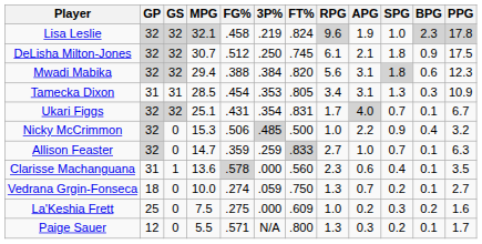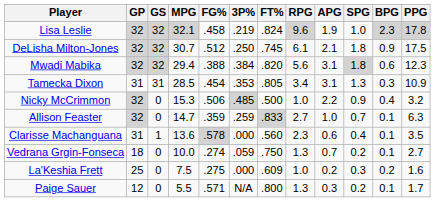 <table class="wikitable sortable" style="text-align:center;">
 <tr>
 <th>Player</th>
 <th>GP</th>
 <th>GS</th>
 <th>MPG</th>
 <th>FG%</th>
 <th>3P%</th>
 <th>FT%</th>
 <th>RPG</th>
 <th>APG</th>
 <th>SPG</th>
 <th>BPG</th>
 <th>PPG</th>
 </tr>
 <tr>
 <td><a href='#'>Lisa Leslie</a></td>
 <td style="background:#D3D3D3;">32</td>
 <td style="background:#D3D3D3;">32</td>
 <td style="background:#D3D3D3;">32.1</td>
 <td>.458</td>
 <td>.219</td>
 <td>.824</td>
 <td style="background:#D3D3D3;">9.6</td>
 <td>1.9</td>
 <td>1.0</td>
 <td style="background:#D3D3D3;">2.3</td>
 <td style="background:#D3D3D3;">17.8</td>
 </tr>
 <tr>
 <td><a href='#'>DeLisha Milton-Jones</a></td>
 <td style="background:#D3D3D3;">32</td>
 <td style="background:#D3D3D3;">32</td>
 <td>30.7</td>
 <td>.512</td>
 <td>.250</td>
 <td>.745</td>
 <td>6.1</td>
 <td>2.1</td>
 <td>1.8</td>
 <td>0.9</td>
 <td>17.5</td>
 </tr>
 <tr>
 <td><a href='#'>Mwadi Mabika</a></td>
 <td style="background:#D3D3D3;">32</td>
 <td style="background:#D3D3D3;">32</td>
 <td>29.4</td>
 <td>.388</td>
 <td>.384</td>
 <td>.820</td>
 <td>5.6</td>
 <td>3.1</td>
 <td style="background:#D3D3D3;">1.8</td>
 <td>0.6</td>
 <td>12.3</td>
 </tr>
 <tr>
 <td><a href='#'>Tamecka Dixon</a></td>
 <td>31</td>
 <td>31</td>
 <td>28.5</td>
 <td>.454</td>
 <td>.353</td>
 <td>.805</td>
 <td>3.4</td>
 <td>3.1</td>
 <td>1.3</td>
 <td>0.3</td>
 <td>10.9</td>
-</tr>
-<tr>
-<td><a href='#'>Ukari Figgs</a></td>
-<td style="background:#D3D3D3;">32</td>
-<td style="background:#D3D3D3;">32</td>
-<td>25.1</td>
-<td>.431</td>
-<td>.354</td>
-<td>.831</td>
-<td>1.7</td>
-<td style="background:#D3D3D3;">4.0</td>
-<td>0.7</td>
-<td>0.1</td>
-<td>6.7</td>
 </tr>
 <tr>
 <td><a href='#'>Nicky McCrimmon</a></td>
 <td style="background:#D3D3D3;">32</td>
 <td>0</td>
 <td>15.3</td>
 <td>.506</td>
 <td style="background:#D3D3D3;">.485</td>
 <td>.500</td>
 <td>1.0</td>
 <td>2.2</td>
 <td>0.9</td>
 <td>0.4</td>
 <td>3.2</td>
 </tr>
 <tr>
 <td><a href='#'>Allison Feaster</a></td>
 <td style="background:#D3D3D3;">32</td>
 <td>0</td>
 <td>14.7</td>
 <td>.359</td>
 <td>.259</td>
 <td style="background:#D3D3D3;">.833</td>
 <td>2.7</td>
 <td>1.0</td>
 <td>0.7</td>
 <td>0.1</td>
 <td>6.3</td>
 </tr>
 <tr>
 <td><a href='#'>Clarisse Machanguana</a></td>
 <td>31</td>
 <td>1</td>
 <td>13.6</td>
 <td style="background:#D3D3D3;">.578</td>
 <td>.000</td>
 <td>.560</td>
 <td>2.3</td>
 <td>0.6</td>
 <td>0.4</td>
 <td>0.1</td>
 <td>3.5</td>
 </tr>
 <tr>
 <td><a href='#'>Vedrana Grgin-Fonseca</a></td>
 <td>18</td>
 <td>0</td>
 <td>10.0</td>
 <td>.274</td>
 <td>.059</td>
 <td>.750</td>
 <td>1.3</td>
 <td>0.7</td>
 <td>0.2</td>
 <td>0.1</td>
 <td>2.7</td>
 </tr>
 <tr>
 <td><a href='#'>La'Keshia Frett</a></td>
 <td>25</td>
 <td>0</td>
 <td>7.5</td>
 <td>.275</td>
 <td>.000</td>
 <td>.609</td>
 <td>1.0</td>
 <td>0.2</td>
 <td>0.3</td>
 <td>0.2</td>
 <td>1.6</td>
 </tr>
 <tr>
 <td><a href='#'>Paige Sauer</a></td>
 <td>12</td>
 <td>0</td>
 <td>5.5</td>
 <td>.571</td>
 <td>N/A</td>
 <td>.800</td>
 <td>1.3</td>
 <td>0.3</td>
 <td>0.2</td>
 <td>0.1</td>
 <td>1.7</td>
 </tr>
 </table>
